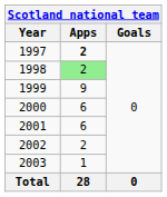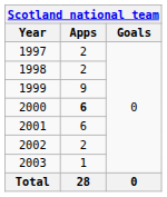 <table class="wikitable" style="text-align:center">
 <tr>
 <th colspan=3><a href='#'>Scotland national team</a></th>
 </tr>
 <tr>
 <th>Year</th>
 <th>Apps</th>
 <th>Goals</th>
 </tr>
 <tr>
 <td>1997</td>
-<td><strong>2</strong></td>
+<td>2</td>
 <td rowspan=7>0</td>
 </tr>
 <tr>
 <td>1998</td>
-<td style="background: lightgreen;">2</td>
+<td>2</td>
 </tr>
 <tr>
 <td>1999</td>
 <td>9</td>
 </tr>
 <tr>
 <td>2000</td>
-<td>6</td>
+<td><strong>6</strong></td>
 </tr>
 <tr>
 <td>2001</td>
 <td>6</td>
 </tr>
 <tr>
 <td>2002</td>
 <td>2</td>
 </tr>
 <tr>
 <td>2003</td>
 <td>1</td>
 </tr>
 <tr>
 <th>Total</th>
 <th>28</th>
 <th>0</th>
 </tr>
 </table>
